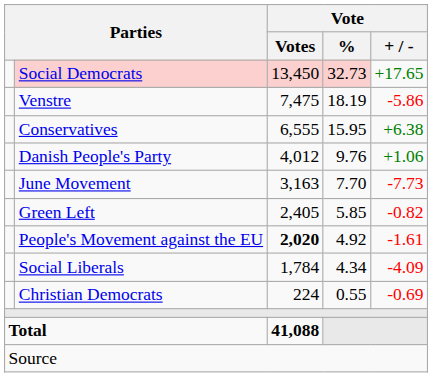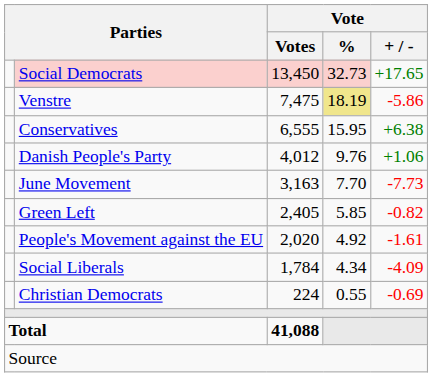 <table class="wikitable" style="text-align:right;">
 <tr>
 <th style="text-align:centre;" rowspan="2" colspan="2" width="225">Parties</th>
 <th colspan="3">Vote</th>
 </tr>
 <tr>
 <th width="15">Votes</th>
 <th width="15">%</th>
 <th width="15">+ / -</th>
 </tr>
 <tr>
 <td width="2" style="color:inherit;background:"></td>
 <td bgcolor=#fbd0ce   align="left"><a href='#'>Social Democrats</a></td>
 <td bgcolor=#fbd0ce>13,450</td>
 <td bgcolor=#fbd0ce>32.73</td>
 <td style=color:green;>+17.65</td>
 </tr>
 <tr>
 <td width="2" style="color:inherit;background:"></td>
 <td align="left"><a href='#'>Venstre</a></td>
 <td>7,475</td>
-<td>18.19</td>
+<td style="background: khaki;">18.19</td>
 <td style=color:red;>-5.86</td>
 </tr>
 <tr>
 <td width="2" style="color:inherit;background:"></td>
 <td align="left"><a href='#'>Conservatives</a></td>
 <td>6,555</td>
 <td>15.95</td>
 <td style=color:green;>+6.38</td>
 </tr>
 <tr>
 <td width="2" style="color:inherit;background:"></td>
 <td align="left"><a href='#'>Danish People's Party</a></td>
 <td>4,012</td>
 <td>9.76</td>
 <td style=color:green;>+1.06</td>
 </tr>
 <tr>
 <td width="2" style="color:inherit;background:"></td>
 <td align="left"><a href='#'>June Movement</a></td>
 <td>3,163</td>
 <td>7.70</td>
 <td style=color:red;>-7.73</td>
 </tr>
 <tr>
 <td width="2" style="color:inherit;background:"></td>
 <td align="left"><a href='#'>Green Left</a></td>
 <td>2,405</td>
 <td>5.85</td>
 <td style=color:red;>-0.82</td>
 </tr>
 <tr>
 <td width="2" style="color:inherit;background:"></td>
 <td align="left"><a href='#'>People's Movement against the EU</a></td>
-<td><strong>2,020</strong></td>
+<td>2,020</td>
 <td>4.92</td>
 <td style=color:red;>-1.61</td>
 </tr>
 <tr>
 <td width="2" style="color:inherit;background:"></td>
 <td align="left"><a href='#'>Social Liberals</a></td>
 <td>1,784</td>
 <td>4.34</td>
 <td style=color:red;>-4.09</td>
 </tr>
 <tr>
 <td width="2" style="color:inherit;background:"></td>
 <td align="left"><a href='#'>Christian Democrats</a></td>
 <td>224</td>
 <td>0.55</td>
 <td style=color:red;>-0.69</td>
 </tr>
 <tr>
 <td colspan="7" bgcolor="#E9E9E9"></td>
 </tr>
 <tr>
 <td align="left" colspan="2"><strong>Total</strong></td>
 <td><strong>41,088</strong></td>
 <td bgcolor="#E9E9E9" colspan="2"></td>
 </tr>
 <tr>
 <td align="left" colspan="6">Source</td>
 </tr>
 </table>
